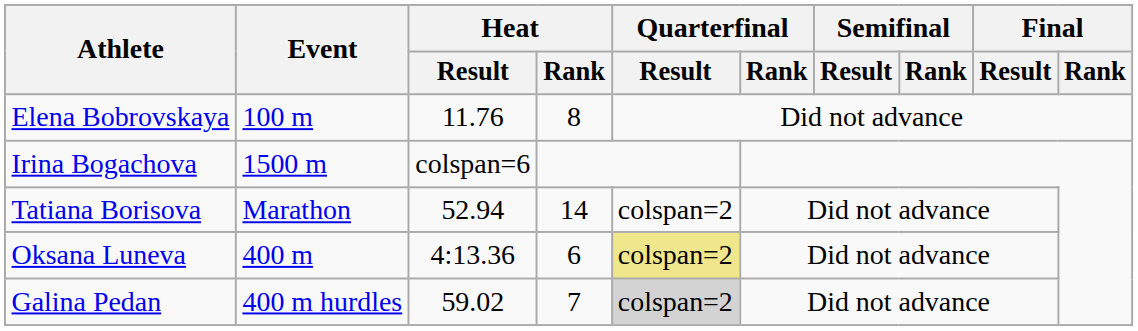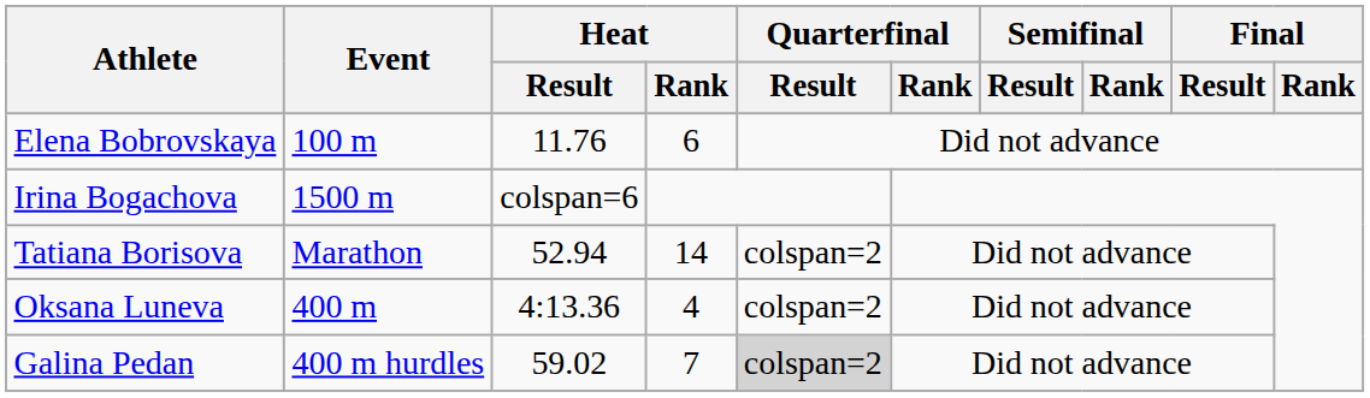 <table class=wikitable style="font-size:90%">
 <tr>
 <th rowspan="2">Athlete</th>
 <th rowspan="2">Event</th>
 <th colspan="2">Heat</th>
 <th colspan="2">Quarterfinal</th>
 <th colspan="2">Semifinal</th>
 <th colspan="2">Final</th>
 </tr>
 <tr style="font-size:95%">
 <th>Result</th>
 <th>Rank</th>
 <th>Result</th>
 <th>Rank</th>
 <th>Result</th>
 <th>Rank</th>
 <th>Result</th>
 <th>Rank</th>
 </tr>
 <tr align=center>
 <td align=left><a href='#'>Elena Bobrovskaya</a></td>
 <td align=left><a href='#'>100 m</a></td>
 <td>11.76</td>
-<td>8</td>
+<td>6</td>
 <td colspan=6>Did not advance</td>
 </tr>
 <tr align=center>
 <td align=left><a href='#'>Irina Bogachova</a></td>
 <td align=left><a href='#'>1500 m</a></td>
 <td>colspan=6 </td>
 <td colspan=2></td>
 </tr>
 <tr align=center>
 <td align=left><a href='#'>Tatiana Borisova</a></td>
 <td align=left><a href='#'>Marathon</a></td>
 <td>52.94</td>
 <td>14</td>
 <td>colspan=2 </td>
 <td colspan=4>Did not advance</td>
 </tr>
 <tr align=center>
 <td align=left><a href='#'>Oksana Luneva</a></td>
 <td align=left><a href='#'>400 m</a></td>
 <td>4:13.36</td>
-<td>6</td>
-<td style="background: khaki;">colspan=2 </td>
+<td>4</td>
+<td>colspan=2 </td>
 <td colspan=4>Did not advance</td>
 </tr>
 <tr align=center>
 <td align=left><a href='#'>Galina Pedan</a></td>
 <td align=left><a href='#'>400 m hurdles</a></td>
 <td>59.02</td>
 <td>7</td>
 <td style="background: lightgrey;">colspan=2 </td>
 <td colspan=4>Did not advance</td>
 </tr>
 </table>
